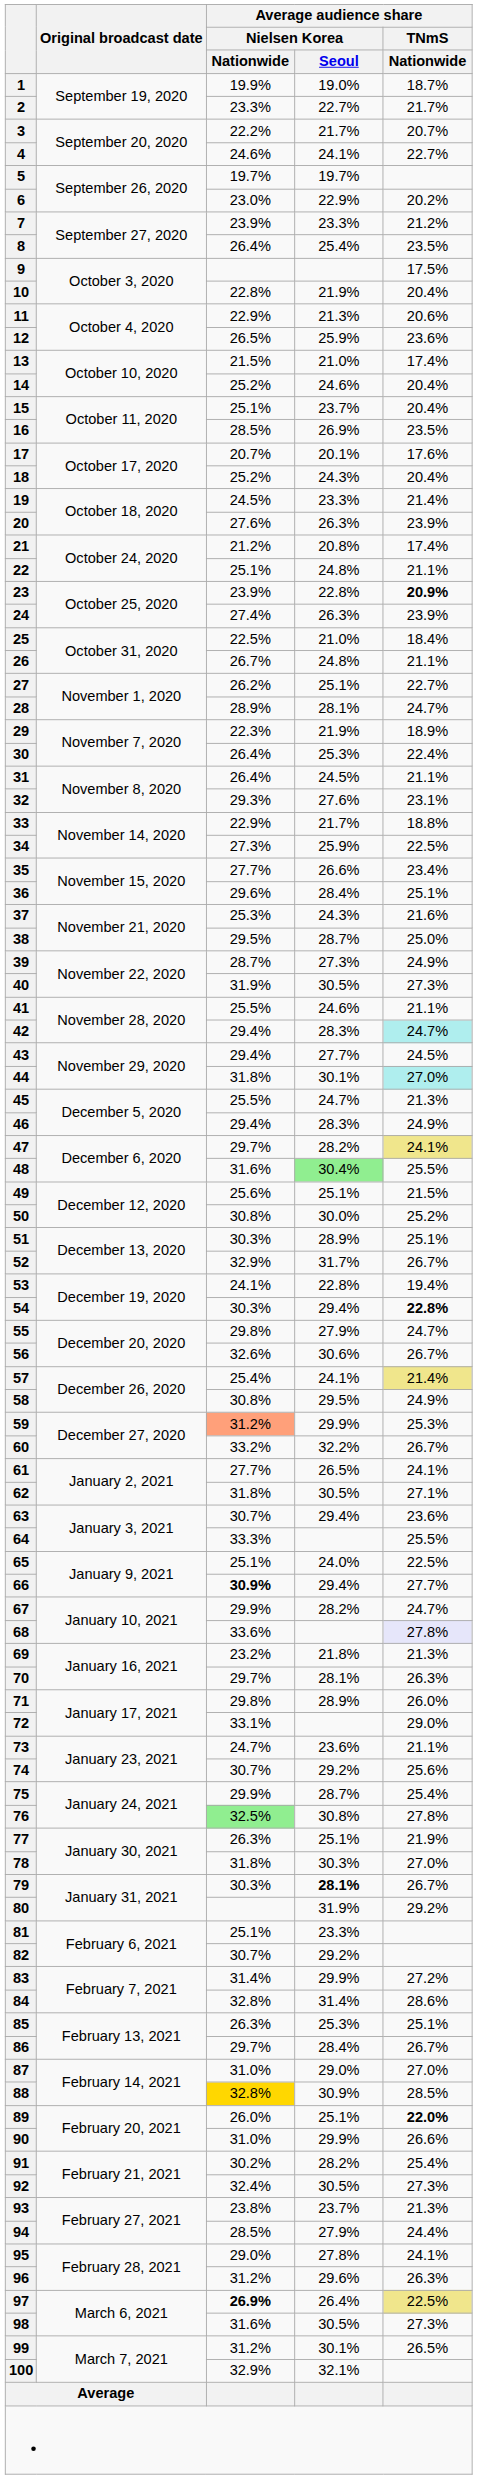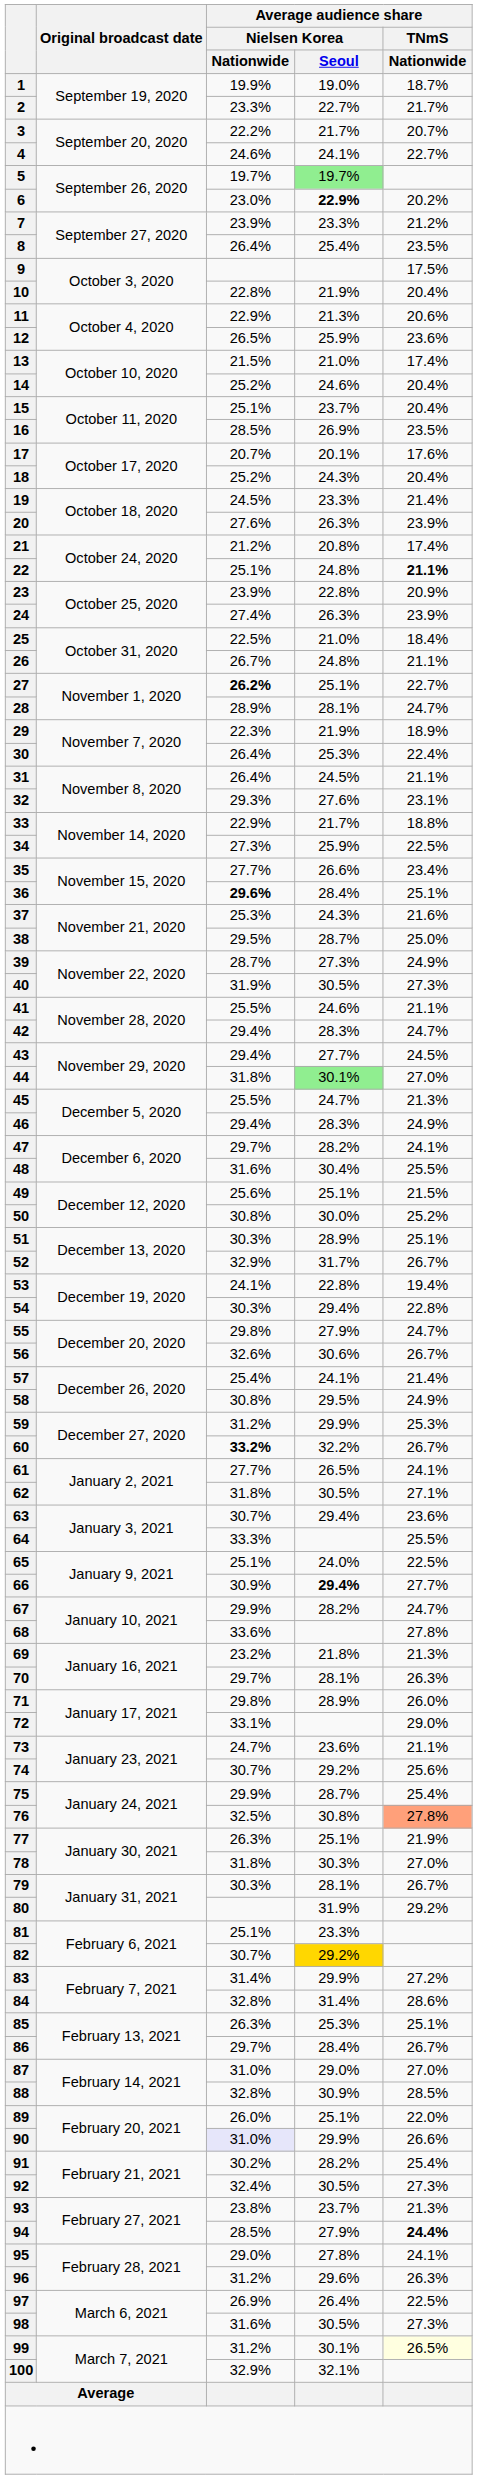 <table class="wikitable" style="text-align:center; margin-left: auto; margin-right: auto; border: none;">
 <tr>
 </tr>
 <tr>
 <th rowspan="3"></th>
 <th rowspan="3">Original broadcast date</th>
 <th colspan="3">Average audience share</th>
 </tr>
 <tr>
 <th colspan="2">Nielsen Korea</th>
 <th colspan="1">TNmS</th>
 </tr>
 <tr>
 <th width="90">Nationwide</th>
 <th width="90"><a href='#'>Seoul</a></th>
 <th width="90">Nationwide</th>
 </tr>
 <tr>
 <th>1</th>
 <td rowspan="2">September 19, 2020</td>
 <td>19.9% </td>
 <td>19.0% </td>
 <td>18.7%</td>
 </tr>
 <tr>
 <th>2</th>
 <td>23.3% </td>
 <td>22.7% </td>
 <td>21.7%</td>
 </tr>
 <tr>
 <th>3</th>
 <td rowspan="2">September 20, 2020</td>
 <td>22.2% </td>
 <td>21.7% </td>
 <td>20.7%</td>
 </tr>
 <tr>
 <th>4</th>
 <td>24.6% </td>
 <td>24.1% </td>
 <td>22.7%</td>
 </tr>
 <tr>
 <th>5</th>
 <td rowspan="2">September 26, 2020</td>
 <td>19.7% </td>
-<td>19.7% </td>
+<td style="background: lightgreen;">19.7% </td>
 <td></td>
 </tr>
 <tr>
 <th>6</th>
 <td>23.0% </td>
-<td>22.9% </td>
+<td><strong>22.9% </strong></td>
 <td>20.2%</td>
 </tr>
 <tr>
 <th>7</th>
 <td rowspan="2">September 27, 2020</td>
 <td>23.9% </td>
 <td>23.3% </td>
 <td>21.2%</td>
 </tr>
 <tr>
 <th>8</th>
 <td>26.4% </td>
 <td>25.4% </td>
 <td>23.5%</td>
 </tr>
 <tr>
 <th>9</th>
 <td rowspan="2">October 3, 2020</td>
 <td> </td>
 <td> </td>
 <td>17.5%</td>
 </tr>
 <tr>
 <th>10</th>
 <td>22.8% </td>
 <td>21.9% </td>
 <td>20.4%</td>
 </tr>
 <tr>
 <th>11</th>
 <td rowspan="2">October 4, 2020</td>
 <td>22.9% </td>
 <td>21.3% </td>
 <td>20.6%</td>
 </tr>
 <tr>
 <th>12</th>
 <td>26.5% </td>
 <td>25.9% </td>
 <td>23.6%</td>
 </tr>
 <tr>
 <th>13</th>
 <td rowspan="2">October 10, 2020</td>
 <td>21.5% </td>
 <td>21.0% </td>
 <td>17.4%</td>
 </tr>
 <tr>
 <th>14</th>
 <td>25.2% </td>
 <td>24.6% </td>
 <td>20.4%</td>
 </tr>
 <tr>
 <th>15</th>
 <td rowspan="2">October 11, 2020</td>
 <td>25.1% </td>
 <td>23.7% </td>
 <td>20.4%</td>
 </tr>
 <tr>
 <th>16</th>
 <td>28.5% </td>
 <td>26.9% </td>
 <td>23.5%</td>
 </tr>
 <tr>
 <th>17</th>
 <td rowspan="2">October 17, 2020</td>
 <td>20.7% </td>
 <td>20.1% </td>
 <td>17.6%</td>
 </tr>
 <tr>
 <th>18</th>
 <td>25.2% </td>
 <td>24.3% </td>
 <td>20.4%</td>
 </tr>
 <tr>
 <th>19</th>
 <td rowspan="2">October 18, 2020</td>
 <td>24.5% </td>
 <td>23.3% </td>
 <td>21.4%</td>
 </tr>
 <tr>
 <th>20</th>
 <td>27.6% </td>
 <td>26.3% </td>
 <td>23.9%</td>
 </tr>
 <tr>
 <th>21</th>
 <td rowspan="2">October 24, 2020</td>
 <td>21.2% </td>
 <td>20.8% </td>
 <td>17.4%</td>
 </tr>
 <tr>
 <th>22</th>
 <td>25.1% </td>
 <td>24.8% </td>
-<td>21.1%</td>
+<td><strong>21.1%</strong></td>
 </tr>
 <tr>
 <th>23</th>
 <td rowspan="2">October 25, 2020</td>
 <td>23.9% </td>
 <td>22.8% </td>
-<td><strong>20.9%</strong></td>
+<td>20.9%</td>
 </tr>
 <tr>
 <th>24</th>
 <td>27.4% </td>
 <td>26.3% </td>
 <td>23.9%</td>
 </tr>
 <tr>
 <th>25</th>
 <td rowspan="2">October 31, 2020</td>
 <td>22.5% </td>
 <td>21.0% </td>
 <td>18.4%</td>
 </tr>
 <tr>
 <th>26</th>
 <td>26.7% </td>
 <td>24.8% </td>
 <td>21.1%</td>
 </tr>
 <tr>
 <th>27</th>
 <td rowspan="2">November 1, 2020</td>
-<td>26.2% </td>
+<td><strong>26.2% </strong></td>
 <td>25.1% </td>
 <td>22.7%</td>
 </tr>
 <tr>
 <th>28</th>
 <td>28.9% </td>
 <td>28.1% </td>
 <td>24.7%</td>
 </tr>
 <tr>
 <th>29</th>
 <td rowspan="2">November 7, 2020</td>
 <td>22.3% </td>
 <td>21.9% </td>
 <td>18.9%</td>
 </tr>
 <tr>
 <th>30</th>
 <td>26.4% </td>
 <td>25.3% </td>
 <td>22.4%</td>
 </tr>
 <tr>
 <th>31</th>
 <td rowspan="2">November 8, 2020</td>
 <td>26.4% </td>
 <td>24.5% </td>
 <td>21.1%</td>
 </tr>
 <tr>
 <th>32</th>
 <td>29.3% </td>
 <td>27.6% </td>
 <td>23.1%</td>
 </tr>
 <tr>
 <th>33</th>
 <td rowspan="2">November 14, 2020</td>
 <td>22.9% </td>
 <td>21.7% </td>
 <td>18.8%</td>
 </tr>
 <tr>
 <th>34</th>
 <td>27.3% </td>
 <td>25.9% </td>
 <td>22.5%</td>
 </tr>
 <tr>
 <th>35</th>
 <td rowspan="2">November 15, 2020</td>
 <td>27.7% </td>
 <td>26.6% </td>
 <td>23.4%</td>
 </tr>
 <tr>
 <th>36</th>
-<td>29.6% </td>
+<td><strong>29.6% </strong></td>
 <td>28.4% </td>
 <td>25.1%</td>
 </tr>
 <tr>
 <th>37</th>
 <td rowspan="2">November 21, 2020</td>
 <td>25.3% </td>
 <td>24.3% </td>
 <td>21.6%</td>
 </tr>
 <tr>
 <th>38</th>
 <td>29.5% </td>
 <td>28.7% </td>
 <td>25.0%</td>
 </tr>
 <tr>
 <th>39</th>
 <td rowspan="2">November 22, 2020</td>
 <td>28.7% </td>
 <td>27.3% </td>
 <td>24.9%</td>
 </tr>
 <tr>
 <th>40</th>
 <td>31.9% </td>
 <td>30.5% </td>
 <td>27.3%</td>
 </tr>
 <tr>
 <th>41</th>
 <td rowspan="2">November 28, 2020</td>
 <td>25.5% </td>
 <td>24.6% </td>
 <td>21.1%</td>
 </tr>
 <tr>
 <th>42</th>
 <td>29.4% </td>
 <td>28.3% </td>
-<td style="background: paleturquoise;">24.7%</td>
+<td>24.7%</td>
 </tr>
 <tr>
 <th>43</th>
 <td rowspan="2">November 29, 2020</td>
 <td>29.4% </td>
 <td>27.7% </td>
 <td>24.5%</td>
 </tr>
 <tr>
 <th>44</th>
 <td>31.8% </td>
-<td>30.1% </td>
-<td style="background: paleturquoise;">27.0%</td>
+<td style="background: lightgreen;">30.1% </td>
+<td>27.0%</td>
 </tr>
 <tr>
 <th>45</th>
 <td rowspan="2">December 5, 2020</td>
 <td>25.5% </td>
 <td>24.7% </td>
 <td>21.3%</td>
 </tr>
 <tr>
 <th>46</th>
 <td>29.4% </td>
 <td>28.3% </td>
 <td>24.9%</td>
 </tr>
 <tr>
 <th>47</th>
 <td rowspan="2">December 6, 2020</td>
 <td>29.7% </td>
 <td>28.2% </td>
-<td style="background: khaki;">24.1%</td>
+<td>24.1%</td>
 </tr>
 <tr>
 <th>48</th>
 <td>31.6% </td>
-<td style="background: lightgreen;">30.4% </td>
+<td>30.4% </td>
 <td>25.5%</td>
 </tr>
 <tr>
 <th>49</th>
 <td rowspan="2">December 12, 2020</td>
 <td>25.6% </td>
 <td>25.1% </td>
 <td>21.5%</td>
 </tr>
 <tr>
 <th>50</th>
 <td>30.8% </td>
 <td>30.0% </td>
 <td>25.2%</td>
 </tr>
 <tr>
 <th>51</th>
 <td rowspan="2">December 13, 2020</td>
 <td>30.3% </td>
 <td>28.9% </td>
 <td>25.1%</td>
 </tr>
 <tr>
 <th>52</th>
 <td>32.9% </td>
 <td>31.7% </td>
 <td>26.7%</td>
 </tr>
 <tr>
 <th>53</th>
 <td rowspan="2">December 19, 2020</td>
 <td>24.1% </td>
 <td>22.8% </td>
 <td>19.4%</td>
 </tr>
 <tr>
 <th>54</th>
 <td>30.3% </td>
 <td>29.4% </td>
-<td><strong>22.8%</strong></td>
+<td>22.8%</td>
 </tr>
 <tr>
 <th>55</th>
 <td rowspan="2">December 20, 2020</td>
 <td>29.8% </td>
 <td>27.9% </td>
 <td>24.7%</td>
 </tr>
 <tr>
 <th>56</th>
 <td>32.6% </td>
 <td>30.6% </td>
 <td>26.7%</td>
 </tr>
 <tr>
 <th>57</th>
 <td rowspan="2">December 26, 2020</td>
 <td>25.4% </td>
 <td>24.1% </td>
-<td style="background: khaki;">21.4%</td>
+<td>21.4%</td>
 </tr>
 <tr>
 <th>58</th>
 <td>30.8% </td>
 <td>29.5% </td>
 <td>24.9%</td>
 </tr>
 <tr>
 <th>59</th>
 <td rowspan="2">December 27, 2020</td>
-<td style="background: lightsalmon;">31.2% </td>
+<td>31.2% </td>
 <td>29.9% </td>
 <td>25.3%</td>
 </tr>
 <tr>
 <th>60</th>
-<td>33.2% </td>
+<td><strong>33.2% </strong></td>
 <td>32.2% </td>
 <td>26.7%</td>
 </tr>
 <tr>
 <th>61</th>
 <td rowspan="2">January 2, 2021</td>
 <td>27.7% </td>
 <td>26.5% </td>
 <td>24.1%</td>
 </tr>
 <tr>
 <th>62</th>
 <td>31.8% </td>
 <td>30.5% </td>
 <td>27.1%</td>
 </tr>
 <tr>
 <th>63</th>
 <td rowspan="2">January 3, 2021</td>
 <td>30.7% </td>
 <td>29.4% </td>
 <td>23.6%</td>
 </tr>
 <tr>
 <th>64</th>
 <td>33.3% </td>
 <td> </td>
 <td>25.5%</td>
 </tr>
 <tr>
 <th>65</th>
 <td rowspan="2">January 9, 2021</td>
 <td>25.1% </td>
 <td>24.0% </td>
 <td>22.5%</td>
 </tr>
 <tr>
 <th>66</th>
-<td><strong>30.9% </strong></td>
-<td>29.4% </td>
+<td>30.9% </td>
+<td><strong>29.4% </strong></td>
 <td>27.7%</td>
 </tr>
 <tr>
 <th>67</th>
 <td rowspan="2">January 10, 2021</td>
 <td>29.9% </td>
 <td>28.2% </td>
 <td>24.7%</td>
 </tr>
 <tr>
 <th>68</th>
 <td>33.6% </td>
 <td> </td>
-<td style="background: lavender;">27.8%</td>
+<td>27.8%</td>
 </tr>
 <tr>
 <th>69</th>
 <td rowspan="2">January 16, 2021</td>
 <td>23.2% </td>
 <td>21.8% </td>
 <td>21.3%</td>
 </tr>
 <tr>
 <th>70</th>
 <td>29.7% </td>
 <td>28.1% </td>
 <td>26.3%</td>
 </tr>
 <tr>
 <th>71</th>
 <td rowspan="2">January 17, 2021</td>
 <td>29.8% </td>
 <td>28.9% </td>
 <td>26.0%</td>
 </tr>
 <tr>
 <th>72</th>
 <td>33.1% </td>
 <td> </td>
 <td>29.0%</td>
 </tr>
 <tr>
 <th>73</th>
 <td rowspan="2">January 23, 2021</td>
 <td>24.7% </td>
 <td>23.6% </td>
 <td>21.1%</td>
 </tr>
 <tr>
 <th>74</th>
 <td>30.7% </td>
 <td>29.2% </td>
 <td>25.6%</td>
 </tr>
 <tr>
 <th>75</th>
 <td rowspan="2">January 24, 2021</td>
 <td>29.9% </td>
 <td>28.7% </td>
 <td>25.4%</td>
 </tr>
 <tr>
 <th>76</th>
-<td style="background: lightgreen;">32.5% </td>
+<td>32.5% </td>
 <td>30.8% </td>
-<td>27.8%</td>
+<td style="background: lightsalmon;">27.8%</td>
 </tr>
 <tr>
 <th>77</th>
 <td rowspan="2">January 30, 2021</td>
 <td>26.3% </td>
 <td>25.1% </td>
 <td>21.9%</td>
 </tr>
 <tr>
 <th>78</th>
 <td>31.8% </td>
 <td>30.3% </td>
 <td>27.0%</td>
 </tr>
 <tr>
 <th>79</th>
 <td rowspan="2">January 31, 2021</td>
 <td>30.3% </td>
-<td><strong>28.1% </strong></td>
+<td>28.1% </td>
 <td>26.7%</td>
 </tr>
 <tr>
 <th>80</th>
 <td> </td>
 <td>31.9% </td>
 <td>29.2%</td>
 </tr>
 <tr>
 <th>81</th>
 <td rowspan="2">February 6, 2021</td>
 <td>25.1% </td>
 <td>23.3% </td>
 <td></td>
 </tr>
 <tr>
 <th>82</th>
 <td>30.7% </td>
-<td>29.2% </td>
+<td style="background: gold;">29.2% </td>
 <td></td>
 </tr>
 <tr>
 <th>83</th>
 <td rowspan="2">February 7, 2021</td>
 <td>31.4% </td>
 <td>29.9% </td>
 <td>27.2%</td>
 </tr>
 <tr>
 <th>84</th>
 <td>32.8% </td>
 <td>31.4% </td>
 <td>28.6%</td>
 </tr>
 <tr>
 <th>85</th>
 <td rowspan="2">February 13, 2021</td>
 <td>26.3% </td>
 <td>25.3% </td>
 <td>25.1%</td>
 </tr>
 <tr>
 <th>86</th>
 <td>29.7% </td>
 <td>28.4% </td>
 <td>26.7%</td>
 </tr>
 <tr>
 <th>87</th>
 <td rowspan="2">February 14, 2021</td>
 <td>31.0% </td>
 <td>29.0% </td>
 <td>27.0%</td>
 </tr>
 <tr>
 <th>88</th>
-<td style="background: gold;">32.8% </td>
+<td>32.8% </td>
 <td>30.9% </td>
 <td>28.5%</td>
 </tr>
 <tr>
 <th>89</th>
 <td rowspan="2">February 20, 2021</td>
 <td>26.0% </td>
 <td>25.1% </td>
-<td><strong>22.0% </strong></td>
+<td>22.0% </td>
 </tr>
 <tr>
 <th>90</th>
-<td>31.0% </td>
+<td style="background: lavender;">31.0% </td>
 <td>29.9% </td>
 <td>26.6% </td>
 </tr>
 <tr>
 <th>91</th>
 <td rowspan="2">February 21, 2021</td>
 <td>30.2% </td>
 <td>28.2% </td>
 <td>25.4% </td>
 </tr>
 <tr>
 <th>92</th>
 <td>32.4% </td>
 <td>30.5% </td>
 <td>27.3% </td>
 </tr>
 <tr>
 <th>93</th>
 <td rowspan="2">February 27, 2021</td>
 <td>23.8% </td>
 <td>23.7% </td>
 <td>21.3% </td>
 </tr>
 <tr>
 <th>94</th>
 <td>28.5% </td>
 <td>27.9% </td>
-<td>24.4% </td>
+<td><strong>24.4% </strong></td>
 </tr>
 <tr>
 <th>95</th>
 <td rowspan="2">February 28, 2021</td>
 <td>29.0% </td>
 <td>27.8% </td>
 <td>24.1% </td>
 </tr>
 <tr>
 <th>96</th>
 <td>31.2% </td>
 <td>29.6% </td>
 <td>26.3% </td>
 </tr>
 <tr>
 <th>97</th>
 <td rowspan="2">March 6, 2021</td>
-<td><strong>26.9% </strong></td>
+<td>26.9% </td>
 <td>26.4% </td>
-<td style="background: khaki;">22.5% </td>
+<td>22.5% </td>
 </tr>
 <tr>
 <th>98</th>
 <td>31.6% </td>
 <td>30.5% </td>
 <td>27.3% </td>
 </tr>
 <tr>
 <th>99</th>
 <td rowspan="2">March 7, 2021</td>
 <td>31.2% </td>
 <td>30.1% </td>
-<td>26.5% </td>
+<td style="background: lightyellow;">26.5% </td>
 </tr>
 <tr>
 <th>100</th>
 <td>32.9% </td>
 <td>32.1% </td>
 <td> </td>
 </tr>
 <tr>
 <th colspan="2">Average</th>
 <th></th>
 <th></th>
 <th></th>
 </tr>
 <tr>
 <td colspan="5"><br><ul><li></li></ul></td>
 </tr>
 </table>
